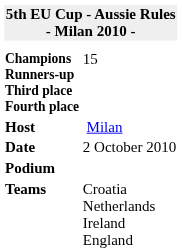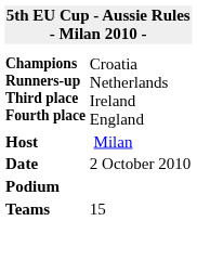 <table class="toccolours" style="float: right; margin: 0 0 1em 1em;">
 <tr>
 <td colspan="2" style="background: #efefef; text-align: center;"><strong>5th EU Cup - Aussie Rules <br>- Milan 2010 -</strong></td>
 </tr>
 <tr>
 <td colspan="2" style="text-align: center;"></td>
 </tr>
 <tr style="vertical-align:top;">
 <th colspan=2></th>
 </tr>
 <tr style="vertical-align:top;">
 <td style=font-size:90%><strong>Champions</strong> <br><strong>Runners-up</strong> <br><strong>Third place</strong> <br><strong>Fourth place</strong></td>
-<td>15</td>
+<td> Croatia<br> Netherlands<br> Ireland<br> England</td>
 </tr>
 <tr style="vertical-align:top;">
 <td><strong>Host</strong></td>
 <td> <a href='#'>Milan</a></td>
 </tr>
 <tr style="vertical-align:top;">
 <td><strong>Date</strong></td>
 <td>2 October 2010</td>
 </tr>
 <tr style="vertical-align:top;">
 <td><strong>Podium</strong></td>
 </tr>
 <tr style="vertical-align:top;">
 <td><strong>Teams</strong></td>
-<td> Croatia<br> Netherlands<br> Ireland<br> England</td>
+<td>15</td>
 </tr>
 </table>
